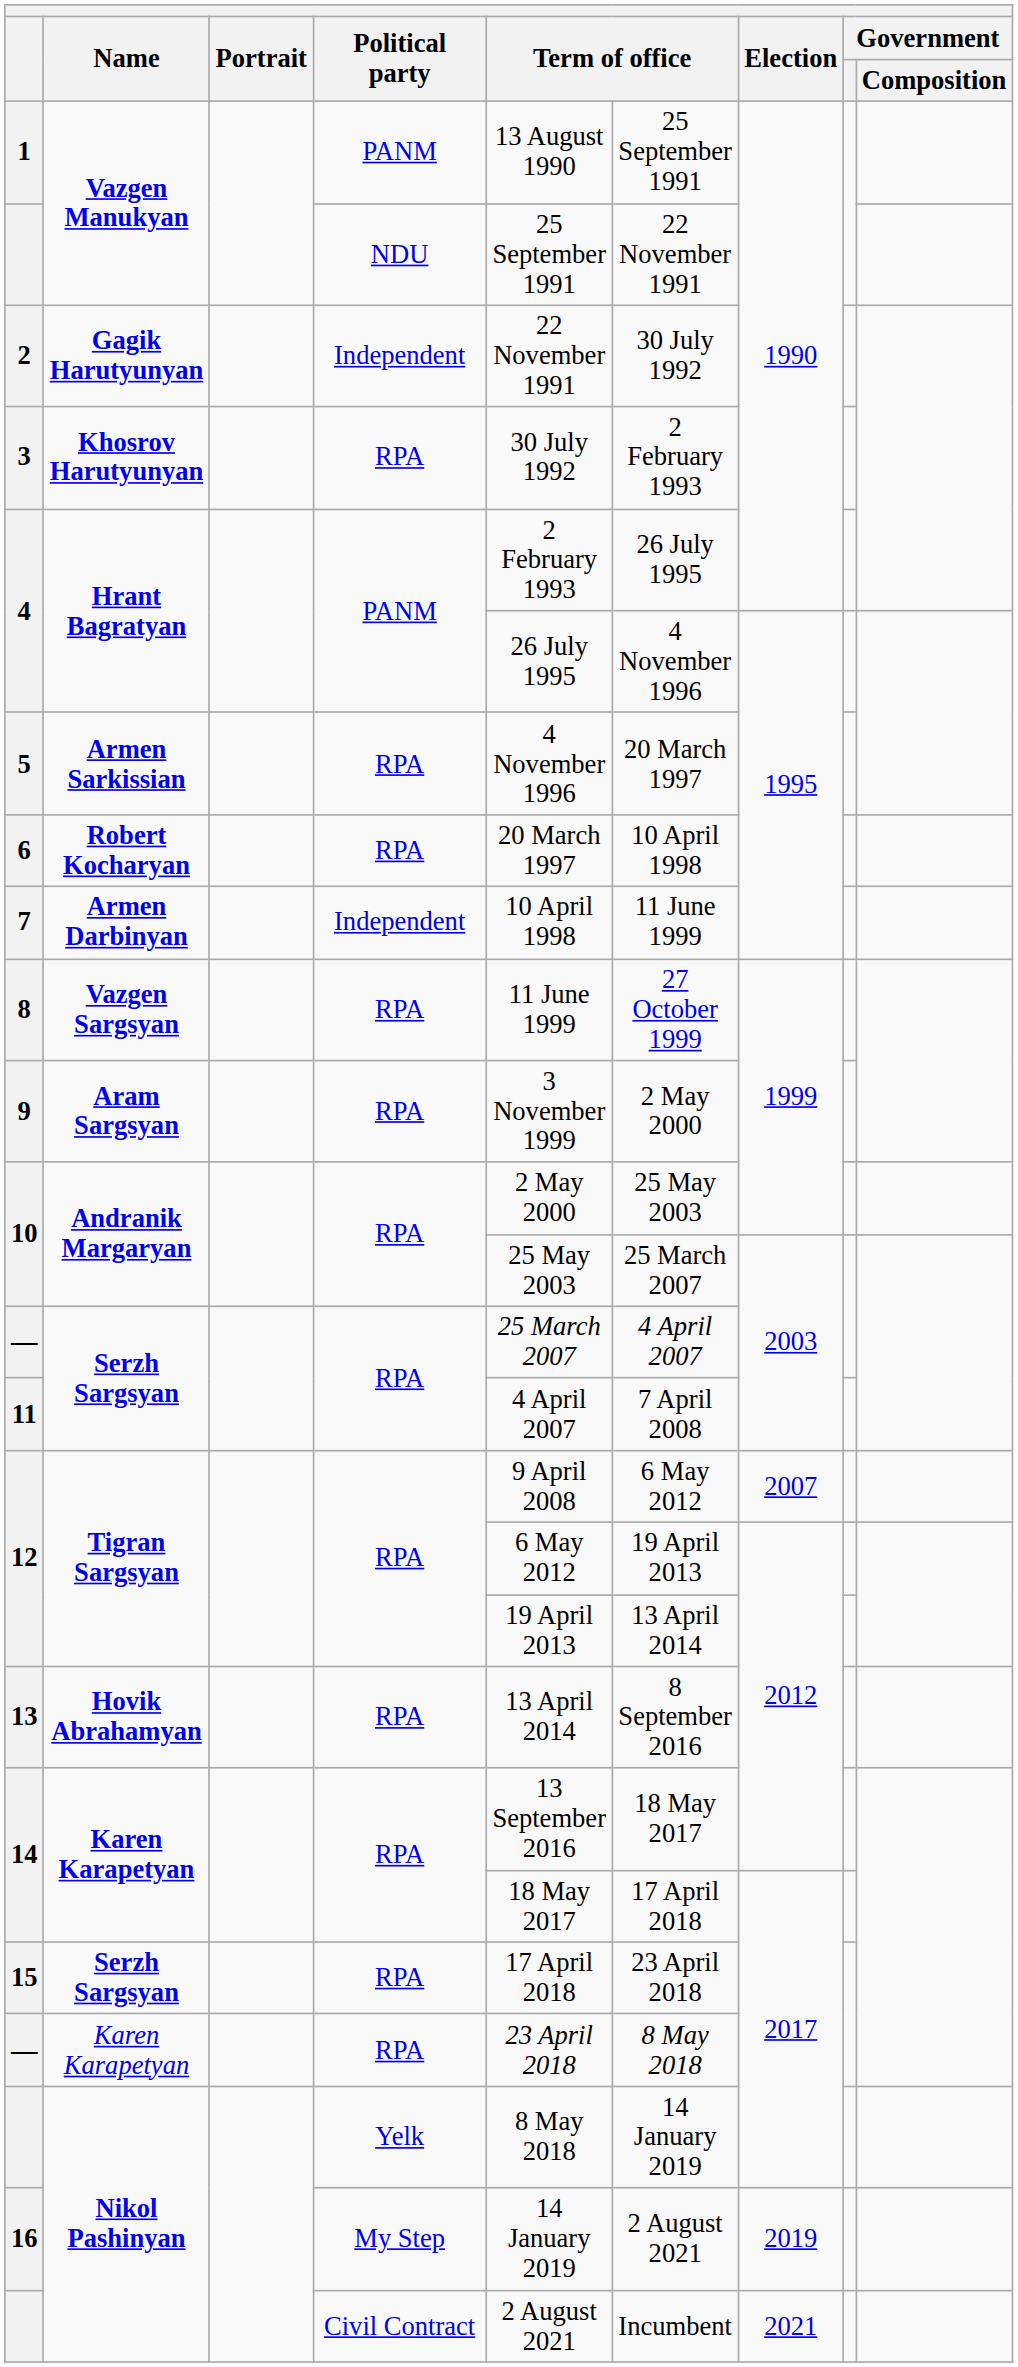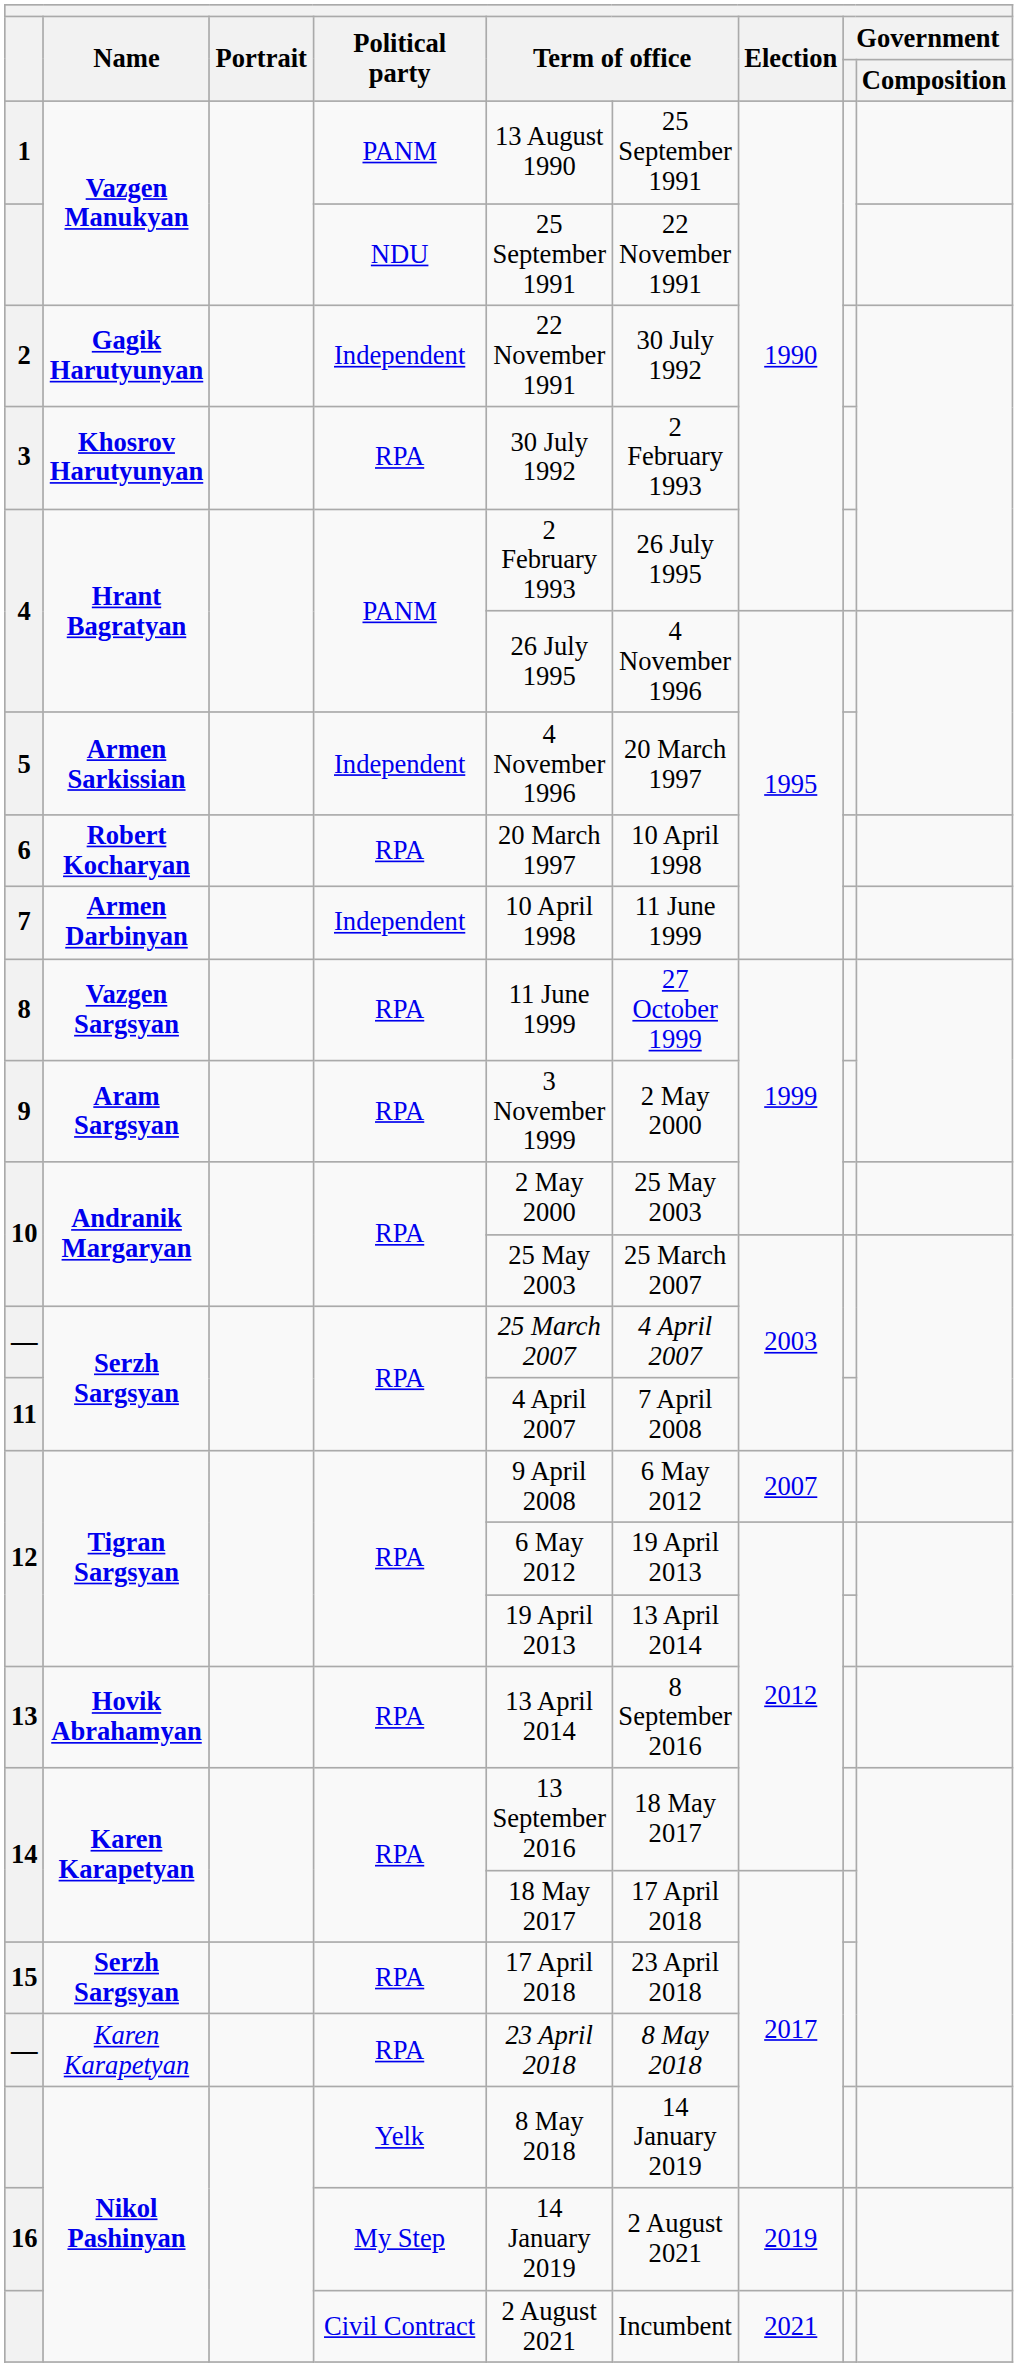 <table class="wikitable" style="text-align:center">
 <tr>
 <th colspan=9></th>
 </tr>
 <tr>
 <th rowspan=2></th>
 <th width=15% rowspan=2>Name<br></th>
 <th rowspan=2>Portrait</th>
 <th rowspan=2>Political party</th>
 <th width=25% rowspan=2 colspan=2>Term of office</th>
 <th rowspan=2>Election<br></th>
 <th colspan=2>Government</th>
 </tr>
 <tr>
 <th></th>
 <th>Composition</th>
 </tr>
 <tr>
 <th style="background:">1</th>
 <td rowspan=2><strong><a href='#'>Vazgen Manukyan</a></strong><br></td>
 <td rowspan=2></td>
 <td rowspan=1><a href='#'>PANM</a></td>
 <td>13 August 1990</td>
 <td>25 September 1991<br></td>
 <td rowspan=5><a href='#'>1990</a></td>
 <td rowspan=2 ><a href='#'></a></td>
 <td rowspan=1 ></td>
 </tr>
 <tr>
 <th style="background-color:"></th>
 <td><a href='#'>NDU</a></td>
 <td>25 September 1991<br></td>
 <td>22 November 1991</td>
 <td></td>
 </tr>
 <tr>
 <th style="background:">2</th>
 <td><strong><a href='#'>Gagik Harutyunyan</a></strong><br></td>
 <td></td>
 <td><a href='#'>Independent</a></td>
 <td>22 November 1991</td>
 <td>30 July 1992</td>
 <td><a href='#'></a></td>
 <td rowspan=3 ></td>
 </tr>
 <tr>
 <th style="background:">3</th>
 <td><strong><a href='#'>Khosrov Harutyunyan</a></strong><br></td>
 <td></td>
 <td><a href='#'>RPA</a></td>
 <td>30 July 1992</td>
 <td>2 February 1993</td>
 <td><a href='#'></a></td>
 </tr>
 <tr>
 <th rowspan=2 style="background:">4</th>
 <td rowspan=2><strong><a href='#'>Hrant Bagratyan</a></strong><br></td>
 <td rowspan=2></td>
 <td rowspan=2><a href='#'>PANM</a></td>
 <td>2 February 1993</td>
 <td>26 July 1995</td>
 <td><a href='#'></a></td>
 </tr>
 <tr>
 <td>26 July 1995</td>
 <td>4 November 1996</td>
 <td rowspan=4><a href='#'>1995</a></td>
 <td><a href='#'></a></td>
 <td rowspan=2 ></td>
 </tr>
 <tr>
 <th style="background:">5</th>
 <td><strong><a href='#'>Armen Sarkissian</a></strong><br></td>
 <td></td>
-<td><a href='#'>RPA</a></td>
+<td><a href='#'>Independent</a></td>
 <td>4 November 1996</td>
 <td>20 March 1997</td>
 <td><a href='#'></a></td>
 </tr>
 <tr>
 <th style="background:">6</th>
 <td><strong><a href='#'>Robert Kocharyan</a></strong><br></td>
 <td></td>
 <td><a href='#'>RPA</a></td>
 <td>20 March 1997</td>
 <td>10 April 1998</td>
 <td><a href='#'></a></td>
 <td></td>
 </tr>
 <tr>
 <th style="background:">7</th>
 <td><strong><a href='#'>Armen Darbinyan</a></strong><br></td>
 <td></td>
 <td><a href='#'>Independent</a></td>
 <td>10 April 1998</td>
 <td>11 June 1999</td>
 <td><a href='#'></a></td>
 <td></td>
 </tr>
 <tr>
 <th style="background:">8</th>
 <td><strong><a href='#'>Vazgen Sargsyan</a></strong><br></td>
 <td></td>
 <td><a href='#'>RPA</a></td>
 <td>11 June 1999</td>
 <td><a href='#'>27 October 1999</a></td>
 <td rowspan=3><a href='#'>1999</a></td>
 <td><a href='#'></a></td>
 <td rowspan=2 ></td>
 </tr>
 <tr>
 <th style="background:">9</th>
 <td><strong><a href='#'>Aram Sargsyan</a></strong><br></td>
 <td></td>
 <td><a href='#'>RPA</a></td>
 <td>3 November 1999</td>
 <td>2 May 2000</td>
 <td><a href='#'></a></td>
 </tr>
 <tr>
 <th rowspan=2 style="background:">10</th>
 <td rowspan=2><strong><a href='#'>Andranik Margaryan</a></strong><br></td>
 <td rowspan=2></td>
 <td rowspan=2><a href='#'>RPA</a></td>
 <td>2 May 2000</td>
 <td>25 May 2003</td>
 <td><a href='#'></a></td>
 <td></td>
 </tr>
 <tr>
 <td>25 May 2003</td>
 <td>25 March 2007<br></td>
 <td rowspan=3><a href='#'>2003</a></td>
 <td rowspan=2 ><a href='#'></a></td>
 <td rowspan=3 ></td>
 </tr>
 <tr>
 <th style="background:">—</th>
 <td rowspan=2><strong><a href='#'>Serzh Sargsyan</a></strong><br></td>
 <td rowspan=2></td>
 <td rowspan=2><a href='#'>RPA</a></td>
 <td><em>25 March 2007</em></td>
 <td><em>4 April 2007</em></td>
 </tr>
 <tr>
 <th style="background:">11</th>
 <td>4 April 2007</td>
 <td>7 April 2008</td>
 <td><a href='#'></a></td>
 </tr>
 <tr>
 <th rowspan=3 style="background:">12</th>
 <td rowspan=3><strong><a href='#'>Tigran Sargsyan</a></strong><br></td>
 <td rowspan=3></td>
 <td rowspan=3><a href='#'>RPA</a></td>
 <td>9 April 2008</td>
 <td>6 May 2012</td>
 <td><a href='#'>2007</a></td>
 <td><a href='#'></a></td>
 <td></td>
 </tr>
 <tr>
 <td>6 May 2012</td>
 <td>19 April 2013</td>
 <td rowspan=4><a href='#'>2012</a></td>
 <td><a href='#'></a></td>
 <td rowspan=2 ></td>
 </tr>
 <tr>
 <td>19 April 2013</td>
 <td>13 April 2014</td>
 <td><a href='#'></a></td>
 </tr>
 <tr>
 <th style="background:">13</th>
 <td><strong><a href='#'>Hovik Abrahamyan</a></strong><br></td>
 <td></td>
 <td><a href='#'>RPA</a></td>
 <td>13 April 2014</td>
 <td>8 September 2016</td>
 <td><a href='#'></a></td>
 <td></td>
 </tr>
 <tr>
 <th rowspan=2 style="background:">14</th>
 <td rowspan=2><strong><a href='#'>Karen Karapetyan</a></strong><br></td>
 <td rowspan=2></td>
 <td rowspan=2><a href='#'>RPA</a></td>
 <td>13 September 2016</td>
 <td>18 May 2017</td>
 <td><a href='#'></a></td>
 <td rowspan=4 ></td>
 </tr>
 <tr>
 <td>18 May 2017</td>
 <td>17 April 2018</td>
 <td rowspan=4><a href='#'>2017</a></td>
 <td><a href='#'></a></td>
 </tr>
 <tr>
 <th style="background:">15</th>
 <td><strong><a href='#'>Serzh Sargsyan</a></strong><br></td>
 <td></td>
 <td><a href='#'>RPA</a></td>
 <td>17 April 2018</td>
 <td>23 April 2018</td>
 <td rowspan=2 ><a href='#'></a></td>
 </tr>
 <tr>
 <th style="background:">—</th>
 <td><em><a href='#'>Karen Karapetyan</a></em><br></td>
 <td></td>
 <td><a href='#'>RPA</a></td>
 <td><em>23 April 2018</em></td>
 <td><em>8 May 2018</em></td>
 </tr>
 <tr>
 <th style="background:"></th>
 <td rowspan=3><strong><a href='#'>Nikol Pashinyan</a></strong><br></td>
 <td rowspan=3></td>
 <td rowspan=1><a href='#'>Yelk</a><br></td>
 <td>8 May 2018</td>
 <td>14 January 2019</td>
 <td><a href='#'></a></td>
 <td></td>
 </tr>
 <tr>
 <th style="background:">16</th>
 <td><a href='#'>My Step</a><br></td>
 <td>14 January 2019</td>
 <td>2 August 2021</td>
 <td><a href='#'>2019</a></td>
 <td><a href='#'></a></td>
 <td></td>
 </tr>
 <tr>
 <th style="background:"></th>
 <td><a href='#'>Civil Contract</a></td>
 <td>2 August 2021</td>
 <td>Incumbent</td>
 <td><a href='#'>2021</a></td>
 <td><a href='#'></a></td>
 <td></td>
 </tr>
 </table>
